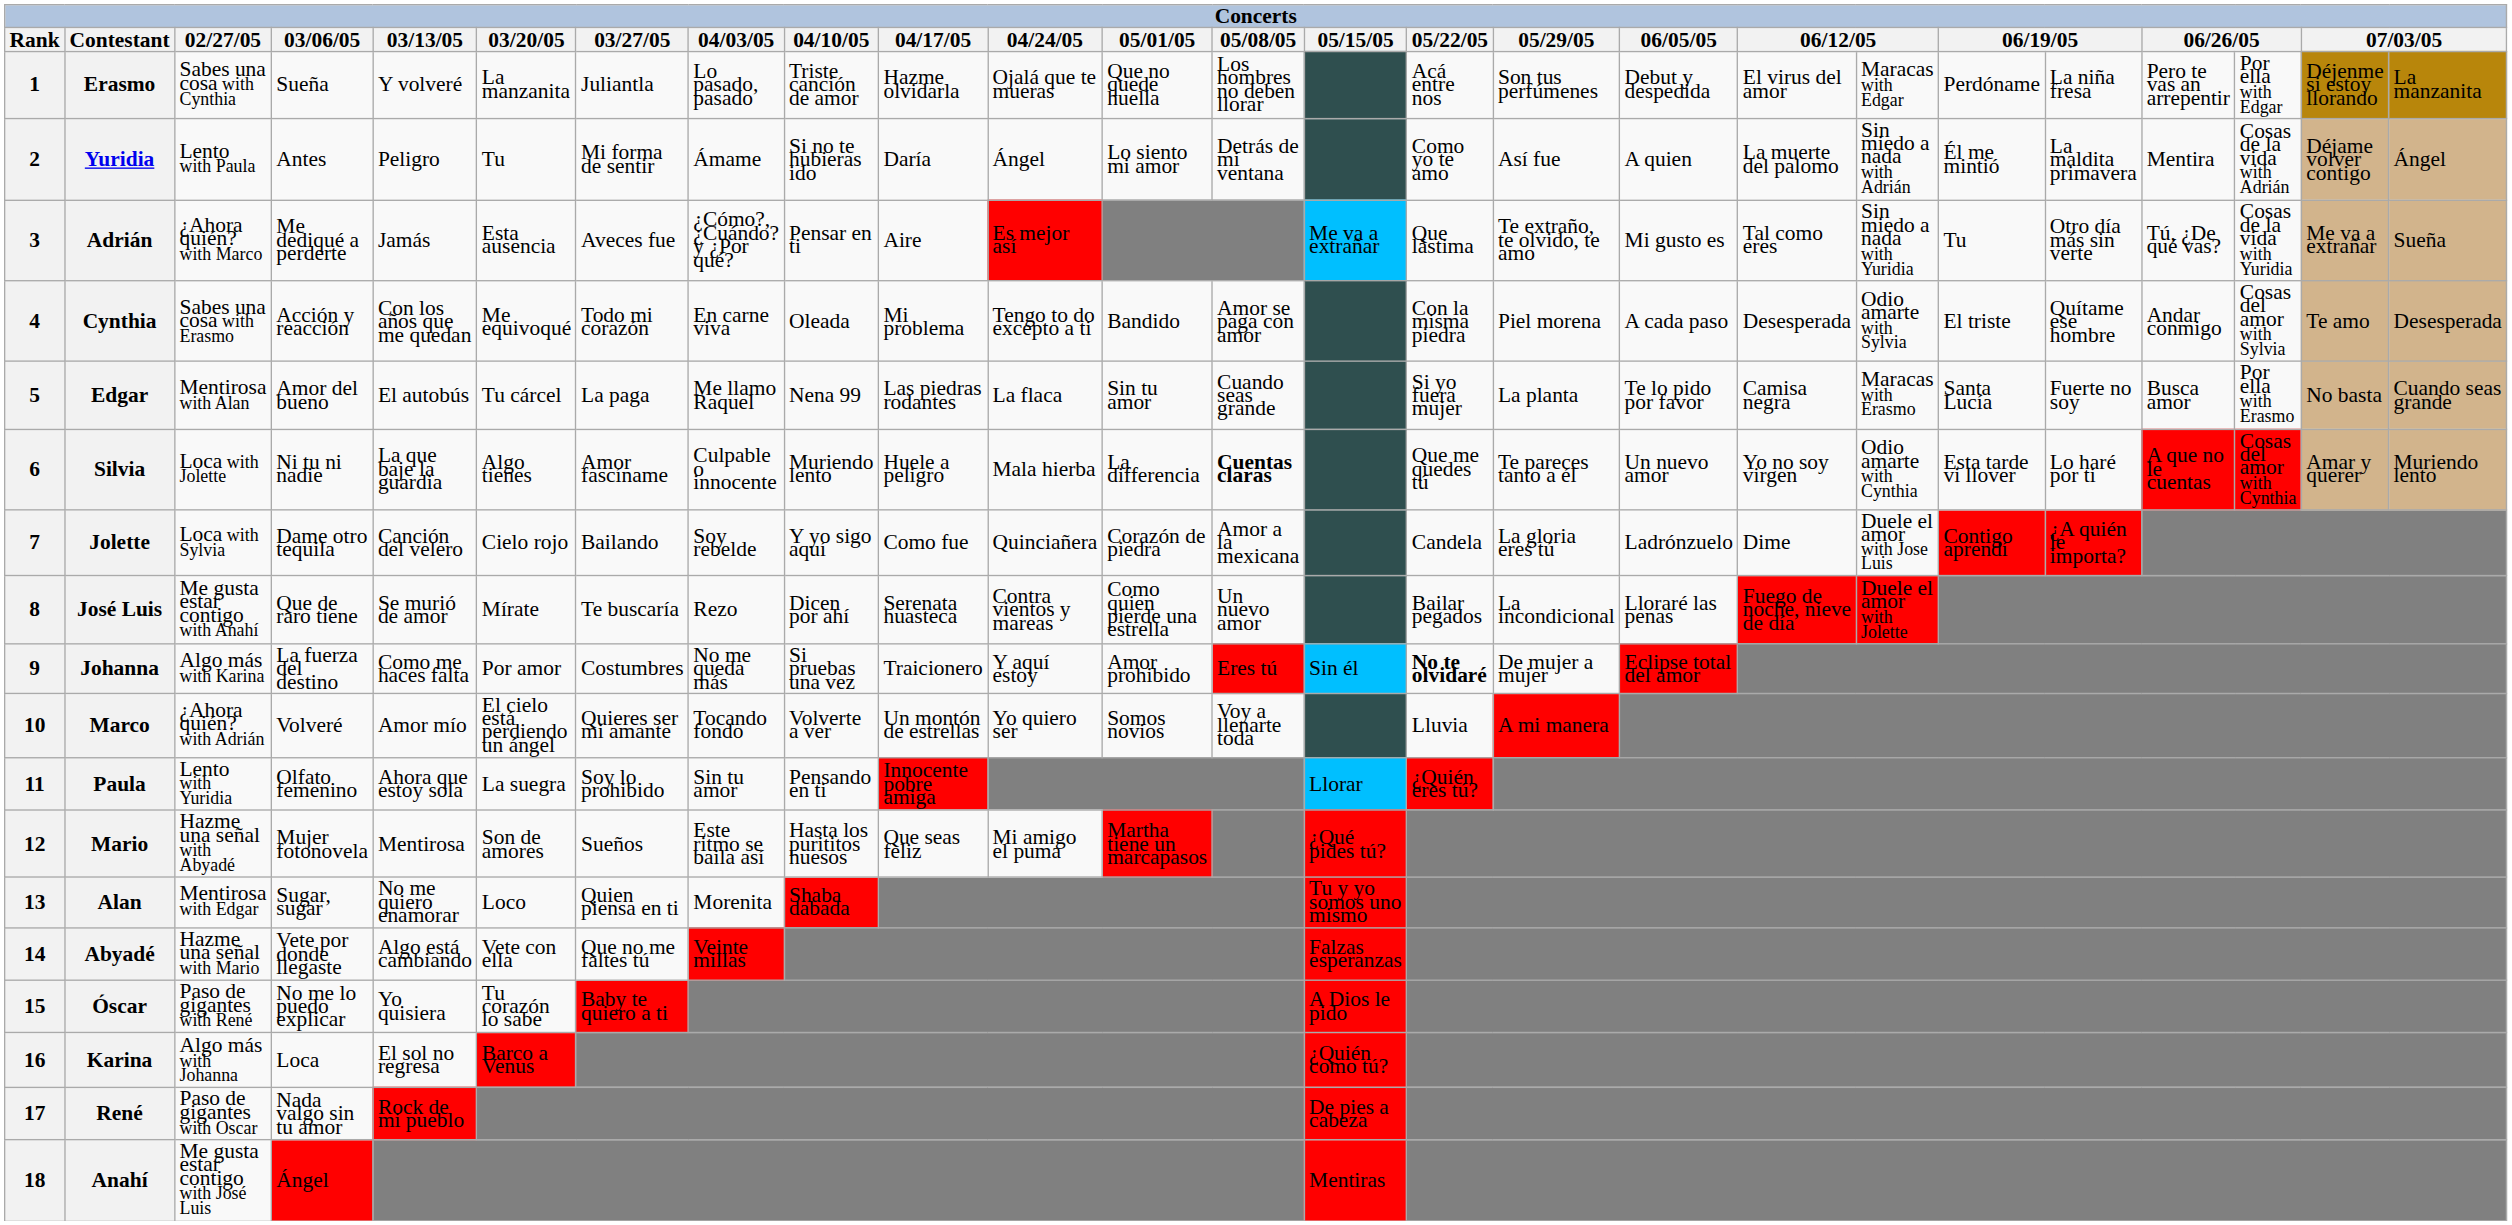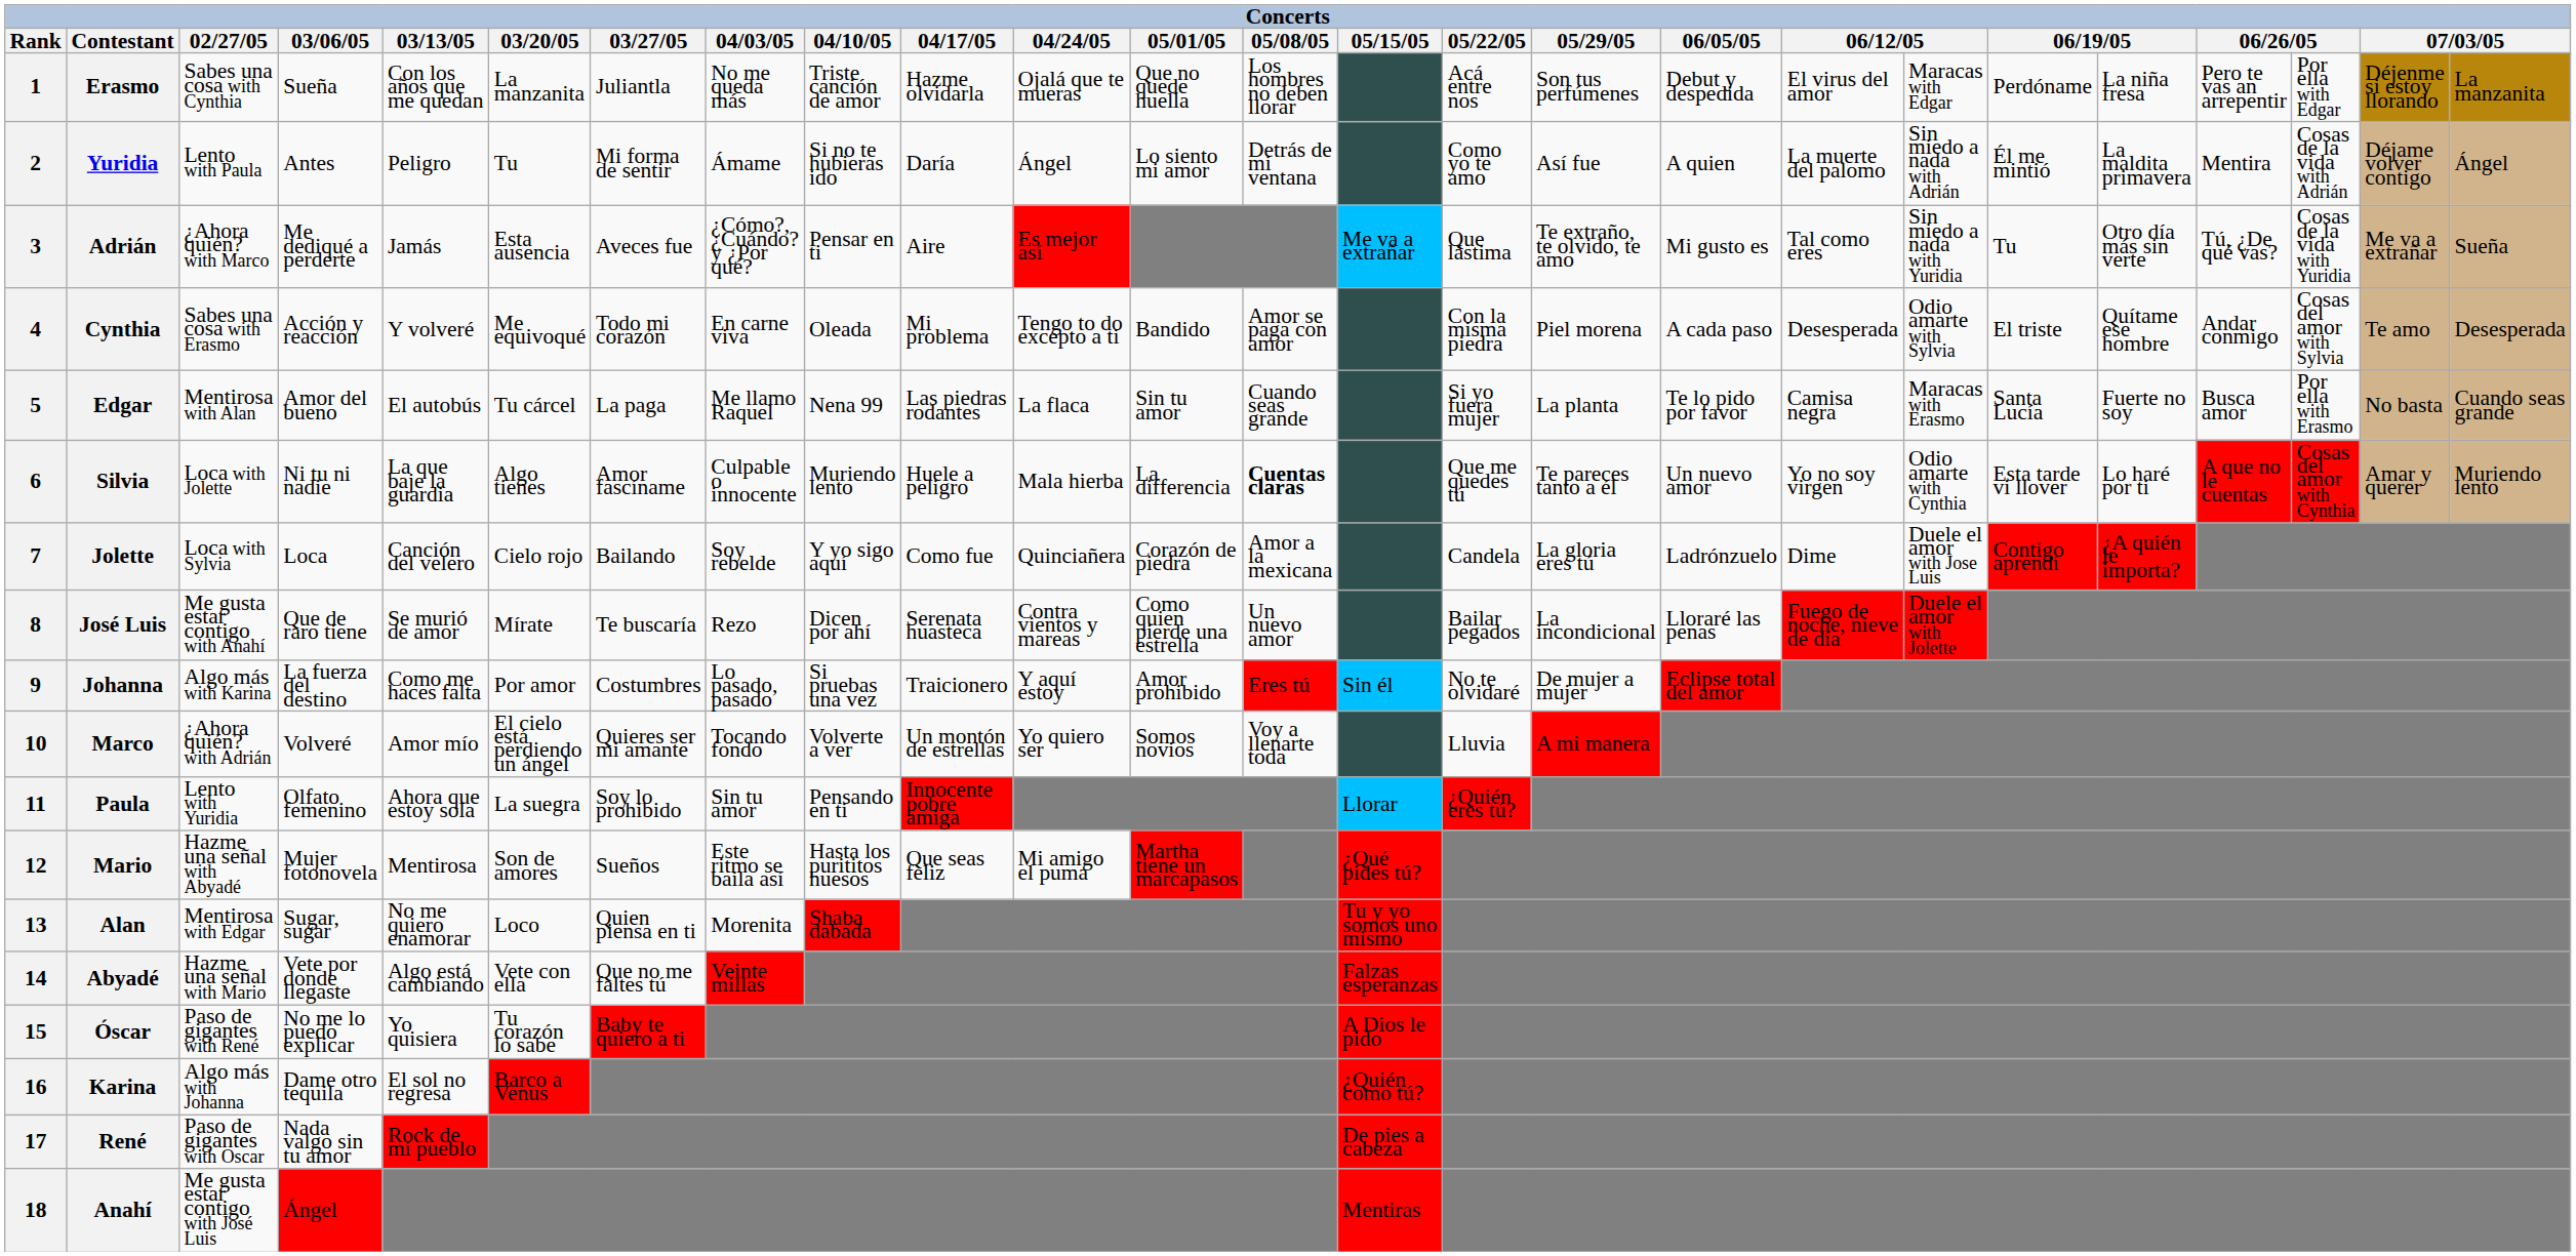 <table class="wikitable collapsible collapsed" style="text-align:left; line-height:10px; line-width:12px;">
 <tr>
 <th colspan="25" style="background:LightSteelBlue;">Concerts</th>
 </tr>
 <tr>
 <th>Rank</th>
 <th>Contestant</th>
 <th>02/27/05</th>
 <th>03/06/05</th>
 <th>03/13/05</th>
 <th>03/20/05</th>
 <th>03/27/05</th>
 <th>04/03/05</th>
 <th>04/10/05</th>
 <th>04/17/05</th>
 <th>04/24/05</th>
 <th>05/01/05</th>
 <th>05/08/05</th>
 <th>05/15/05</th>
 <th>05/22/05</th>
 <th>05/29/05</th>
 <th>06/05/05</th>
 <th colspan="2">06/12/05</th>
 <th colspan="2">06/19/05</th>
 <th colspan="2">06/26/05</th>
 <th colspan="2">07/03/05</th>
 </tr>
 <tr>
 <th>1</th>
 <th>Erasmo</th>
 <td>Sabes una cosa<small> with Cynthia</small></td>
 <td>Sueña</td>
-<td>Y volveré</td>
+<td>Con los años que me quedan</td>
 <td>La manzanita</td>
 <td>Juliantla</td>
-<td>Lo pasado, pasado</td>
+<td>No me queda más</td>
 <td>Triste canción de amor</td>
 <td>Hazme olvidarla</td>
 <td>Ojalá que te mueras</td>
 <td>Que no quede huella</td>
 <td>Los hombres no deben llorar</td>
 <td style="background:DarkSlategrey;"></td>
 <td>Acá entre nos</td>
 <td>Son tus perfúmenes</td>
 <td>Debut y despedida</td>
 <td>El virus del amor</td>
 <td>Maracas<small> with Edgar</small></td>
 <td>Perdóname</td>
 <td>La niña fresa</td>
 <td>Pero te vas an arrepentir</td>
 <td>Por ella<small> with Edgar</small></td>
 <td style="background:DarkGoldenrod;">Déjenme si estoy llorando</td>
 <td style="background:DarkGoldenrod;">La manzanita</td>
 </tr>
 <tr>
 <th>2</th>
 <th><a href='#'>Yuridia</a></th>
 <td>Lento <small> with Paula</small></td>
 <td>Antes</td>
 <td>Peligro</td>
 <td>Tu</td>
 <td>Mi forma de sentir</td>
 <td>Ámame</td>
 <td>Si no te hubieras ido</td>
 <td>Daría</td>
 <td>Ángel</td>
 <td>Lo siento mi amor</td>
 <td>Detrás de mi ventana</td>
 <td style="background:DarkSlategrey;"></td>
 <td>Como yo te amo</td>
 <td>Así fue</td>
 <td>A quien</td>
 <td>La muerte del palomo</td>
 <td>Sin miedo a nada<small> with Adrián</small></td>
 <td>Él me mintió</td>
 <td>La maldita primavera</td>
 <td>Mentira</td>
 <td>Cosas de la vida <small> with Adrián</small></td>
 <td style="background:Tan;">Déjame volver contigo</td>
 <td style="background:Tan;">Ángel</td>
 </tr>
 <tr>
 <th>3</th>
 <th>Adrián</th>
 <td>¿Ahora quién?<small> with Marco</small></td>
 <td>Me dediqué a perderte</td>
 <td>Jamás</td>
 <td>Esta ausencia</td>
 <td>Aveces fue</td>
 <td>¿Cómo?, ¿Cuándo? y ¿Por qué?</td>
 <td>Pensar en ti</td>
 <td>Aire</td>
 <td style="background:red;">Es mejor así</td>
 <td style="background:gray;" colspan="2"></td>
 <td style="background:DeepSkyBlue;">Me va a extrañar</td>
 <td>Que lástima</td>
 <td>Te extraño, te olvido, te amo</td>
 <td>Mi gusto es</td>
 <td>Tal como eres</td>
 <td>Sin miedo a nada<small> with Yuridia</small></td>
 <td>Tu</td>
 <td>Otro día más sin verte</td>
 <td>Tú, ¿De qué vas?</td>
 <td>Cosas de la vida<small> with Yuridia</small></td>
 <td style="background:Tan;">Me va a extrañar</td>
 <td style="background:Tan;">Sueña</td>
 </tr>
 <tr>
 <th>4</th>
 <th>Cynthia</th>
 <td>Sabes una cosa<small> with Erasmo</small></td>
 <td>Acción y reacción</td>
-<td>Con los años que me quedan</td>
+<td>Y volveré</td>
 <td>Me equivoqué</td>
 <td>Todo mi corazón</td>
 <td>En carne viva</td>
 <td>Oleada</td>
 <td>Mi problema</td>
 <td>Tengo to do excepto a ti</td>
 <td>Bandido</td>
 <td>Amor se paga con amor</td>
 <td style="background:DarkSlategrey;"></td>
 <td>Con la misma piedra</td>
 <td>Piel morena</td>
 <td>A cada paso</td>
 <td>Desesperada</td>
 <td>Odio amarte<small> with Sylvia</small></td>
 <td>El triste</td>
 <td>Quítame ese hombre</td>
 <td>Andar conmigo</td>
 <td>Cosas del amor<small> with Sylvia</small></td>
 <td style="background:Tan;">Te amo</td>
 <td style="background:Tan;">Desesperada</td>
 </tr>
 <tr>
 <th>5</th>
 <th>Edgar</th>
 <td>Mentirosa<small> with Alan</small></td>
 <td>Amor del bueno</td>
 <td>El autobús</td>
 <td>Tu cárcel</td>
 <td>La paga</td>
 <td>Me llamo Raquel</td>
 <td>Nena 99</td>
 <td>Las piedras rodantes</td>
 <td>La flaca</td>
 <td>Sin tu amor</td>
 <td>Cuando seas grande</td>
 <td style="background:DarkSlategrey;"></td>
 <td>Si yo fuera mujer</td>
 <td>La planta</td>
 <td>Te lo pido por favor</td>
 <td>Camisa negra</td>
 <td>Maracas<small> with Erasmo</small></td>
 <td>Santa Lucía</td>
 <td>Fuerte no soy</td>
 <td>Busca amor</td>
 <td>Por ella<small> with Erasmo</small></td>
 <td style="background:Tan;">No basta</td>
 <td style="background:Tan;">Cuando seas grande</td>
 </tr>
 <tr>
 <th>6</th>
 <th>Silvia</th>
 <td>Loca<small> with Jolette</small></td>
 <td>Ni tu ni nadie</td>
 <td>La que baje la guardia</td>
 <td>Algo tienes</td>
 <td>Amor fascíname</td>
 <td>Culpable o innocente</td>
 <td>Muriendo lento</td>
 <td>Huele a peligro</td>
 <td>Mala hierba</td>
 <td>La differencia</td>
 <td><strong>Cuentas claras</strong></td>
 <td style="background:DarkSlategrey;"></td>
 <td>Que me quedes tú</td>
 <td>Te pareces tanto a él</td>
 <td>Un nuevo amor</td>
 <td>Yo no soy virgen</td>
 <td>Odio amarte<small> with Cynthia</small></td>
 <td>Esta tarde vi llover</td>
 <td>Lo haré por ti</td>
 <td style="background:red;">A que no le cuentas</td>
 <td style="background:red;">Cosas del amor<small> with Cynthia</small></td>
 <td style="background:Tan;">Amar y querer</td>
 <td style="background:Tan;">Muriendo lento</td>
 </tr>
 <tr>
 <th>7</th>
 <th>Jolette</th>
 <td>Loca<small> with Sylvia</small></td>
-<td>Dame otro tequila</td>
+<td>Loca</td>
 <td>Canción del velero</td>
 <td>Cielo rojo</td>
 <td>Bailando</td>
 <td>Soy rebelde</td>
 <td>Y yo sigo aquí</td>
 <td>Como fue</td>
 <td>Quinciañera</td>
 <td>Corazón de piedra</td>
 <td>Amor a la mexicana</td>
 <td style="background:DarkSlategrey;"></td>
 <td>Candela</td>
 <td>La gloria eres tú</td>
 <td>Ladrónzuelo</td>
 <td>Dime</td>
 <td>Duele el amor <small> with Jose Luis</small></td>
 <td style="background:red;">Contigo aprendí</td>
 <td style="background:red;">¿A quién le importa?</td>
 <td style="background:gray;" colspan="4"></td>
 </tr>
 <tr>
 <th>8</th>
 <th>José Luis</th>
 <td>Me gusta estar contigo<small> with Anahí</small></td>
 <td>Que de raro tiene</td>
 <td>Se murió de amor</td>
 <td>Mírate</td>
 <td>Te buscaría</td>
 <td>Rezo</td>
 <td>Dicen por ahí</td>
 <td>Serenata huasteca</td>
 <td>Contra vientos y mareas</td>
 <td>Como quien pierde una estrella</td>
 <td>Un nuevo amor</td>
 <td style="background:DarkSlategrey;"></td>
 <td>Bailar pegados</td>
 <td>La incondicional</td>
 <td>Lloraré las penas</td>
 <td style="background:red;">Fuego de noche, nieve de día</td>
 <td style="background:red;">Duele el amor<small> with Jolette</small></td>
 <td style="background:gray;" colspan="6"></td>
 </tr>
 <tr>
 <th>9</th>
 <th>Johanna</th>
 <td>Algo más<small> with Karina</small></td>
 <td>La fuerza del destino</td>
 <td>Como me haces falta</td>
 <td>Por amor</td>
 <td>Costumbres</td>
-<td>No me queda más</td>
+<td>Lo pasado, pasado</td>
 <td>Si pruebas una vez</td>
 <td>Traicionero</td>
 <td>Y aquí estoy</td>
 <td>Amor prohibido</td>
 <td style="background:red;">Eres tú</td>
 <td style="background:DeepSkyBlue;">Sin él</td>
-<td><strong>No te olvidaré</strong></td>
+<td>No te olvidaré</td>
 <td>De mujer a mujer</td>
 <td style="background:red;">Eclipse total del amor</td>
 <td style="background:gray;" colspan="8"></td>
 </tr>
 <tr>
 <th>10</th>
 <th>Marco</th>
 <td>¿Ahora quién?<small> with Adrián</small></td>
 <td>Volveré</td>
 <td>Amor mío</td>
 <td>El cielo está perdiendo un ángel</td>
 <td>Quieres ser mi amante</td>
 <td>Tocando fondo</td>
 <td>Volverte a ver</td>
 <td>Un montón de estrellas</td>
 <td>Yo quiero ser</td>
 <td>Somos novios</td>
 <td>Voy a llenarte toda</td>
 <td style="background:DarkSlategrey;"></td>
 <td>Lluvia</td>
 <td style="background:red;">A mi manera</td>
 <td style="background:gray;" colspan="9"></td>
 </tr>
 <tr>
 <th>11</th>
 <th>Paula</th>
 <td>Lento <small> with Yuridia</small></td>
 <td>Olfato femenino</td>
 <td>Ahora que estoy sola</td>
 <td>La suegra</td>
 <td>Soy lo prohibido</td>
 <td>Sin tu amor</td>
 <td>Pensando en ti</td>
 <td style="background:red;">Innocente pobre amiga</td>
 <td style="background:gray;" colspan="3"></td>
 <td style="background:DeepSkyBlue;">Llorar</td>
 <td style="background:red;">¿Quién eres tú?</td>
 <td style="background:gray;" colspan="10"></td>
 </tr>
 <tr>
 <th>12</th>
 <th>Mario</th>
 <td>Hazme una señal<small> with Abyadé</small></td>
 <td>Mujer fotonovela</td>
 <td>Mentirosa</td>
 <td>Son de amores</td>
 <td>Sueños</td>
 <td>Este ritmo se baila así</td>
 <td>Hasta los purititos huesos</td>
 <td>Que seas feliz</td>
 <td>Mi amigo el puma</td>
 <td style="background:red;">Martha tiene un marcapasos</td>
 <td style="background:gray;"></td>
 <td style="background:red;">¿Qué pides tú?</td>
 <td style="background:gray;" colspan="11"></td>
 </tr>
 <tr>
 <th>13</th>
 <th>Alan</th>
 <td>Mentirosa<small> with Edgar</small></td>
 <td>Sugar, sugar</td>
 <td>No me quiero enamorar</td>
 <td>Loco</td>
 <td>Quien piensa en ti</td>
 <td>Morenita</td>
 <td style="background:red;">Shaba dabada</td>
 <td style="background:gray;" colspan="4"></td>
 <td style="background:red;">Tu y yo somos uno mismo</td>
 <td style="background:gray;" colspan="11"></td>
 </tr>
 <tr>
 <th>14</th>
 <th>Abyadé</th>
 <td>Hazme una señal<small> with Mario</small></td>
 <td>Vete por donde llegaste</td>
 <td>Algo está cambiando</td>
 <td>Vete con ella</td>
 <td>Que no me faltes tú</td>
 <td style="background:red;">Veinte millas</td>
 <td style="background:gray;" colspan="5"></td>
 <td style="background:red;">Falzas esperanzas</td>
 <td style="background:gray;" colspan="11"></td>
 </tr>
 <tr>
 <th>15</th>
 <th>Óscar</th>
 <td>Paso de gigantes<small> with René</small></td>
 <td>No me lo puedo explicar</td>
 <td>Yo quisiera</td>
 <td>Tu corazón lo sabe</td>
 <td style="background:red;">Baby te quiero a ti</td>
 <td style="background:gray;" colspan="6"></td>
 <td style="background:red;">A Dios le pido</td>
 <td style="background:gray;" colspan="11"></td>
 </tr>
 <tr>
 <th>16</th>
 <th>Karina</th>
 <td>Algo más<small> with Johanna</small></td>
-<td>Loca</td>
+<td>Dame otro tequila</td>
 <td>El sol no regresa</td>
 <td style="background:red;">Barco a Venus</td>
 <td style="background:gray;" colspan="7"></td>
 <td style="background:red;">¿Quién como tú?</td>
 <td style="background:gray;" colspan="11"></td>
 </tr>
 <tr>
 <th>17</th>
 <th>René</th>
 <td>Paso de gigantes<small> with Oscar</small></td>
 <td>Nada valgo sin tu amor</td>
 <td style="background:red;">Rock de mi pueblo</td>
 <td style="background:gray;" colspan="8"></td>
 <td style="background:red;">De pies a cabeza</td>
 <td style="background:gray;" colspan="11"></td>
 </tr>
 <tr>
 <th>18</th>
 <th>Anahí</th>
 <td>Me gusta estar contigo<small> with José Luis</small></td>
 <td style="background:red;">Ángel</td>
 <td style="background:gray;" colspan="9"></td>
 <td style="background:red;">Mentiras</td>
 <td style="background:gray;" colspan="11"></td>
 </tr>
 </table>
